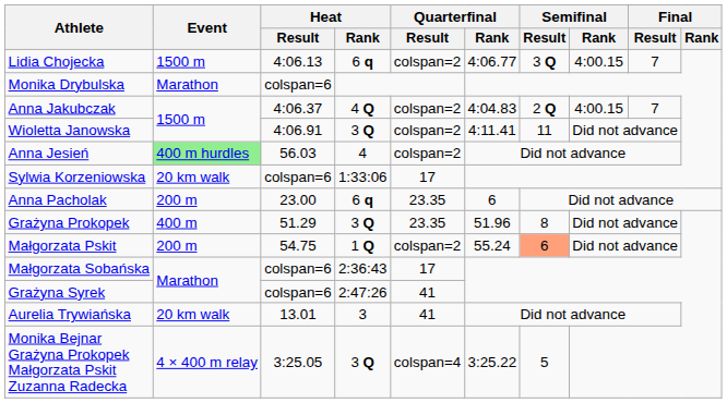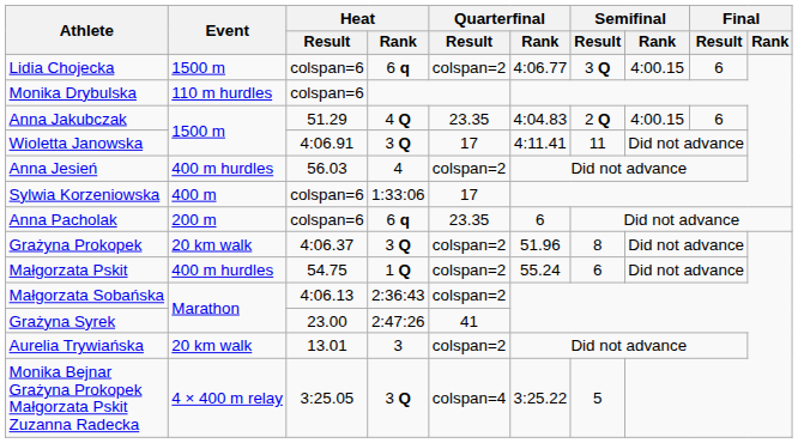 <table class=wikitable style="font-size:90%">
 <tr>
 <th rowspan="2">Athlete</th>
 <th rowspan="2">Event</th>
 <th colspan="2">Heat</th>
 <th colspan="2">Quarterfinal</th>
 <th colspan="2">Semifinal</th>
 <th colspan="2">Final</th>
 </tr>
 <tr style="font-size:95%">
 <th>Result</th>
 <th>Rank</th>
 <th>Result</th>
 <th>Rank</th>
 <th>Result</th>
 <th>Rank</th>
 <th>Result</th>
 <th>Rank</th>
 </tr>
 <tr align=center>
 <td align=left><a href='#'>Lidia Chojecka</a></td>
 <td align=left><a href='#'>1500 m</a></td>
-<td>4:06.13</td>
+<td>colspan=6 </td>
 <td>6 <strong>q</strong></td>
 <td>colspan=2 </td>
 <td>4:06.77</td>
 <td>3 <strong>Q</strong></td>
 <td>4:00.15</td>
-<td>7</td>
+<td>6</td>
 </tr>
 <tr align=center>
 <td align=left><a href='#'>Monika Drybulska</a></td>
-<td align=left><a href='#'>Marathon</a></td>
+<td align=left><a href='#'>110 m hurdles</a></td>
 <td>colspan=6 </td>
 <td colspan=2></td>
 </tr>
 <tr align=center>
 <td align=left><a href='#'>Anna Jakubczak</a></td>
 <td align=left rowspan=2><a href='#'>1500 m</a></td>
-<td>4:06.37</td>
+<td>51.29</td>
 <td>4 <strong>Q</strong></td>
-<td>colspan=2 </td>
+<td>23.35</td>
 <td>4:04.83</td>
 <td>2 <strong>Q</strong></td>
 <td>4:00.15</td>
-<td>7</td>
+<td>6</td>
 </tr>
 <tr align=center>
 <td align=left><a href='#'>Wioletta Janowska</a></td>
 <td>4:06.91</td>
 <td>3 <strong>Q</strong></td>
-<td>colspan=2 </td>
+<td>17</td>
 <td>4:11.41</td>
 <td>11</td>
 <td colspan=2>Did not advance</td>
 </tr>
 <tr align=center>
 <td align=left><a href='#'>Anna Jesień</a></td>
-<td align=left style="background: lightgreen;"><a href='#'>400 m hurdles</a></td>
+<td align=left><a href='#'>400 m hurdles</a></td>
 <td>56.03</td>
 <td>4</td>
 <td>colspan=2 </td>
 <td colspan=4>Did not advance</td>
 </tr>
 <tr align=center>
 <td align=left><a href='#'>Sylwia Korzeniowska</a></td>
-<td align=left><a href='#'>20 km walk</a></td>
+<td align=left><a href='#'>400 m</a></td>
 <td>colspan=6 </td>
 <td>1:33:06</td>
 <td>17</td>
 </tr>
 <tr align=center>
 <td align=left><a href='#'>Anna Pacholak</a></td>
 <td align=left><a href='#'>200 m</a></td>
-<td>23.00</td>
+<td>colspan=6 </td>
 <td>6 <strong>q</strong></td>
 <td>23.35</td>
 <td>6</td>
 <td colspan=4>Did not advance</td>
 </tr>
 <tr align=center>
 <td align=left><a href='#'>Grażyna Prokopek</a></td>
-<td align=left><a href='#'>400 m</a></td>
-<td>51.29</td>
+<td align=left><a href='#'>20 km walk</a></td>
+<td>4:06.37</td>
 <td>3 <strong>Q</strong></td>
-<td>23.35</td>
+<td>colspan=2 </td>
 <td>51.96</td>
 <td>8</td>
 <td colspan=2>Did not advance</td>
 </tr>
 <tr align=center>
 <td align=left><a href='#'>Małgorzata Pskit</a></td>
-<td align=left><a href='#'>200 m</a></td>
+<td align=left><a href='#'>400 m hurdles</a></td>
 <td>54.75</td>
 <td>1 <strong>Q</strong></td>
 <td>colspan=2 </td>
 <td>55.24</td>
-<td style="background: lightsalmon;">6</td>
+<td>6</td>
 <td colspan=2>Did not advance</td>
 </tr>
 <tr align=center>
 <td align=left><a href='#'>Małgorzata Sobańska</a></td>
 <td align=left rowspan=2><a href='#'>Marathon</a></td>
-<td>colspan=6 </td>
+<td>4:06.13</td>
 <td>2:36:43</td>
-<td>17</td>
+<td>colspan=2 </td>
 </tr>
 <tr align=center>
 <td align=left><a href='#'>Grażyna Syrek</a></td>
-<td>colspan=6 </td>
+<td>23.00</td>
 <td>2:47:26</td>
 <td>41</td>
 </tr>
 <tr align=center>
 <td align=left><a href='#'>Aurelia Trywiańska</a></td>
 <td align=left><a href='#'>20 km walk</a></td>
 <td>13.01</td>
 <td>3</td>
-<td>41</td>
+<td>colspan=2 </td>
 <td colspan=4>Did not advance</td>
 </tr>
 <tr align=center>
 <td align=left><a href='#'>Monika Bejnar</a><br><a href='#'>Grażyna Prokopek</a><br><a href='#'>Małgorzata Pskit</a><br><a href='#'>Zuzanna Radecka</a></td>
 <td align=left><a href='#'>4 × 400 m relay</a></td>
 <td>3:25.05</td>
 <td>3 <strong>Q</strong></td>
 <td>colspan=4 </td>
 <td>3:25.22</td>
 <td>5</td>
 </tr>
 </table>
